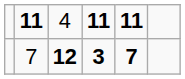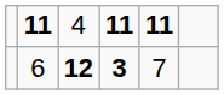 <table class="wikitable">
 <tr>
 <td><strong></strong></td>
 <td align=center style="width:1em"><strong>11</strong></td>
 <td align=center style="width:1em">4</td>
 <td align=center style="width:1em"><strong>11</strong></td>
 <td align=center style="width:1em"><strong>11</strong></td>
 <td align=center style="width:1em"></td>
 </tr>
 <tr>
 <td></td>
-<td align=center style="width:1em">7</td>
+<td align=center style="width:1em">6</td>
 <td align=center style="width:1em"><strong>12</strong></td>
 <td align=center style="width:1em"><strong>3</strong></td>
-<td align=center style="width:1em"><strong>7</strong></td>
+<td align=center style="width:1em">7</td>
 <td align=center style="width:1em"></td>
 </tr>
 </table>
